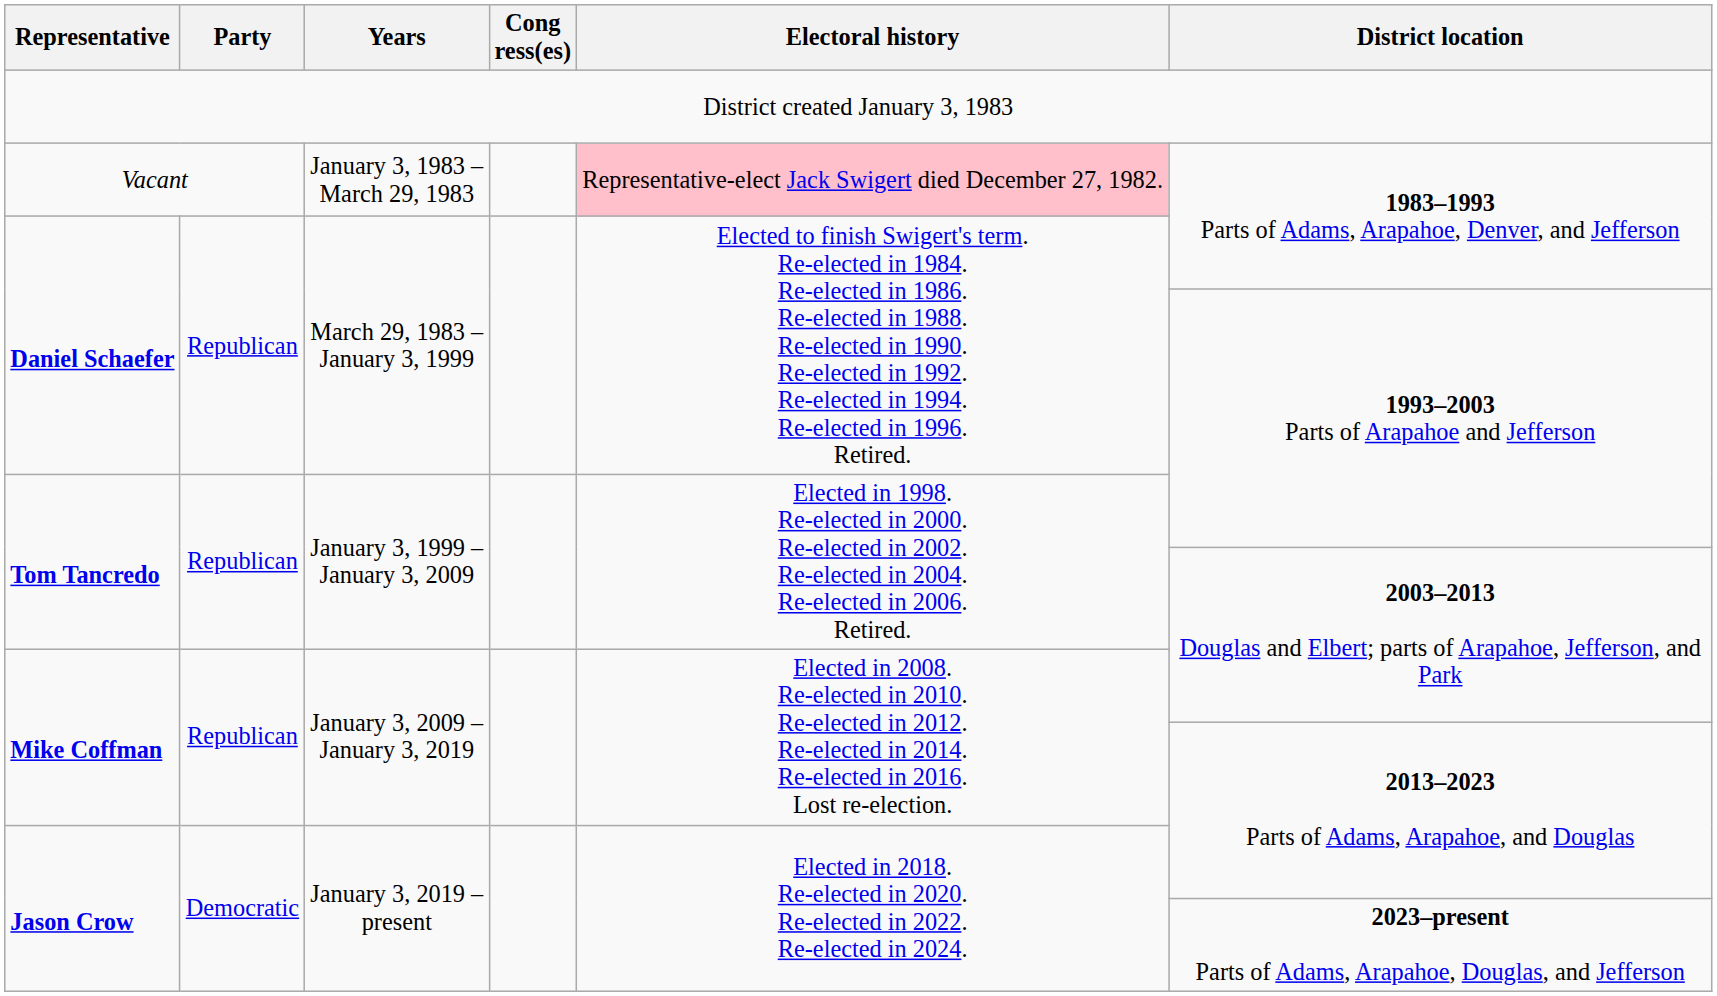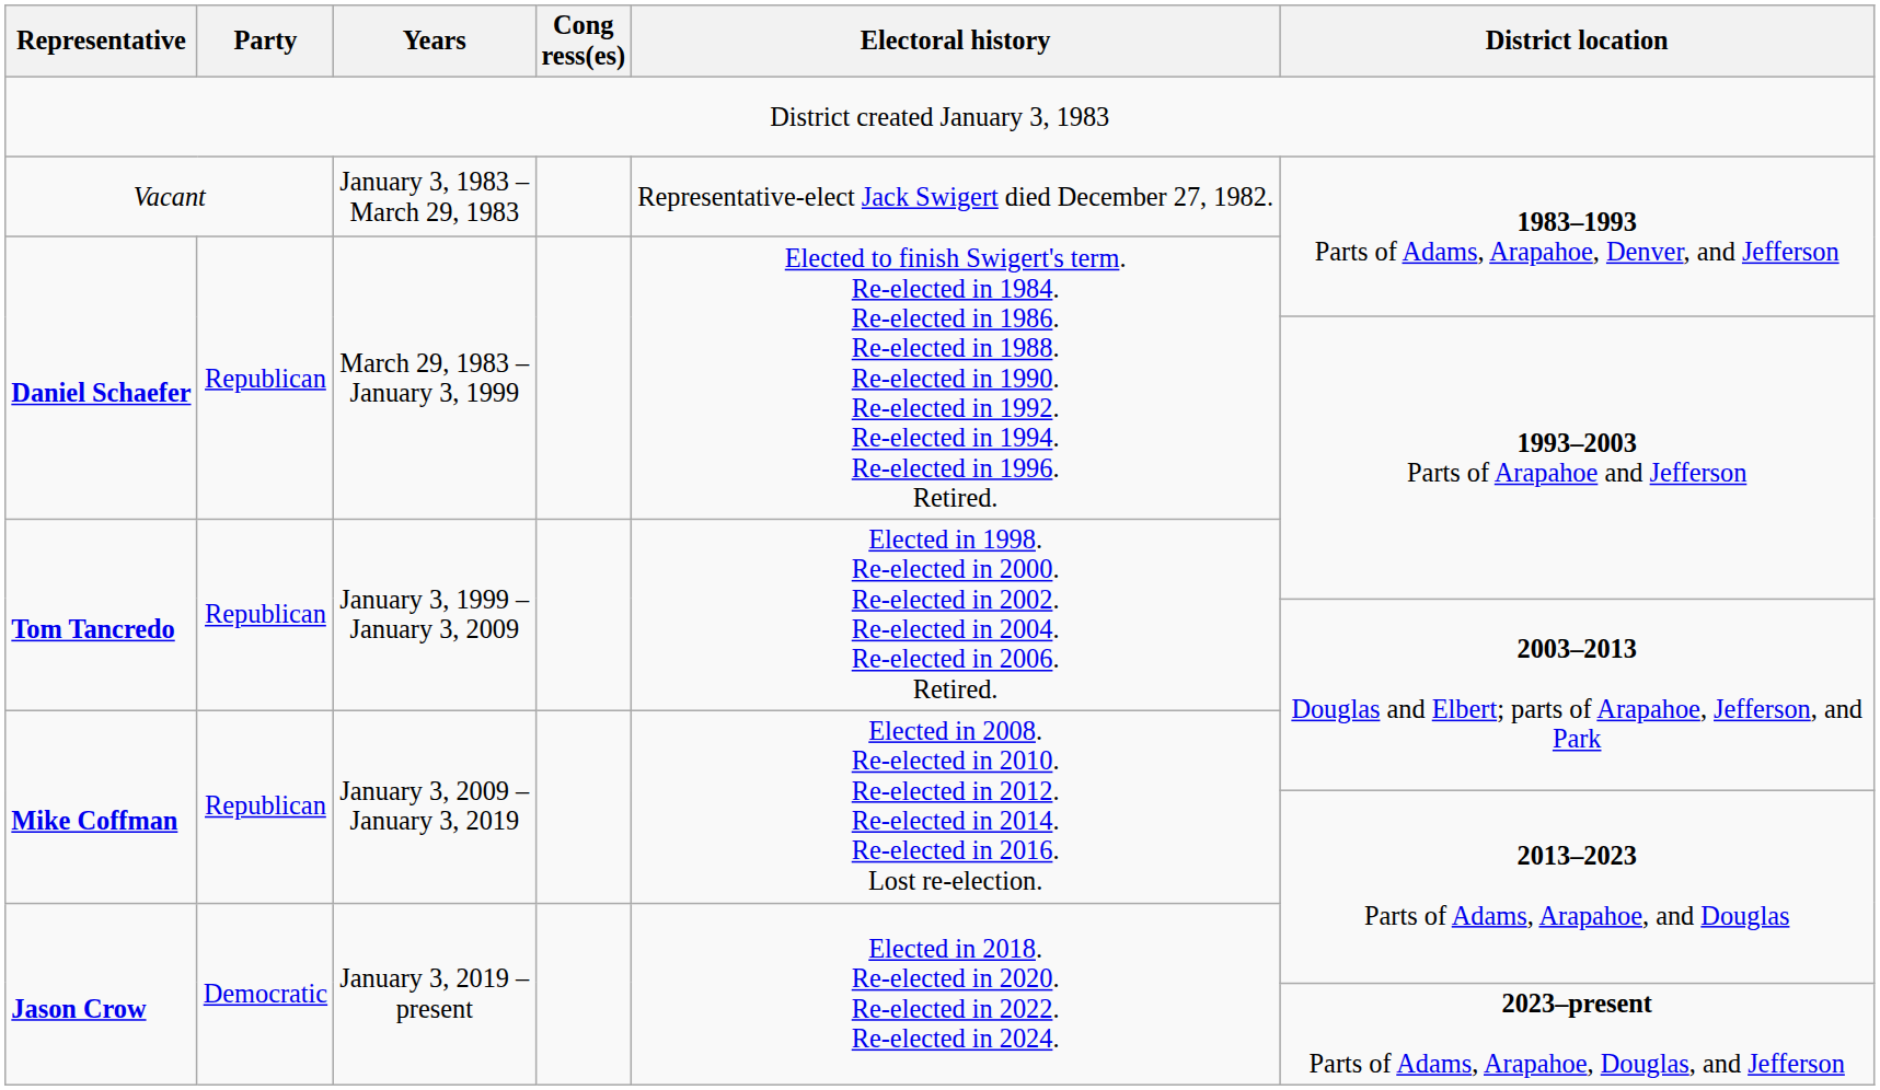 <table class=wikitable style="text-align:center">
 <tr>
 <th>Representative<br></th>
 <th>Party</th>
 <th>Years</th>
 <th>Cong<br>ress(es)</th>
 <th>Electoral history</th>
 <th width=350>District location</th>
 </tr>
 <tr style="height:3em">
 <td colspan=6>District created January 3, 1983</td>
 </tr>
 <tr style="height:3em">
 <td colspan=2><em>Vacant</em></td>
 <td nowrap="nowrap">January 3, 1983 –<br>March 29, 1983</td>
 <td></td>
-<td style="background: pink;">Representative-elect <a href='#'>Jack Swigert</a> died December 27, 1982.</td>
+<td>Representative-elect <a href='#'>Jack Swigert</a> died December 27, 1982.</td>
 <td rowspan=2><strong>1983–1993</strong><br>Parts of <a href='#'>Adams</a>, <a href='#'>Arapahoe</a>, <a href='#'>Denver</a>, and <a href='#'>Jefferson</a></td>
 </tr>
 <tr style="height:3em">
 <td rowspan=2 align=left><br><strong><a href='#'>Daniel Schaefer</a></strong><br></td>
 <td rowspan=2 ><a href='#'>Republican</a></td>
 <td rowspan=2 nowrap>March 29, 1983 –<br>January 3, 1999</td>
 <td rowspan=2></td>
 <td rowspan=2><a href='#'>Elected to finish Swigert's term</a>.<br><a href='#'>Re-elected in 1984</a>.<br><a href='#'>Re-elected in 1986</a>.<br><a href='#'>Re-elected in 1988</a>.<br><a href='#'>Re-elected in 1990</a>.<br><a href='#'>Re-elected in 1992</a>.<br><a href='#'>Re-elected in 1994</a>.<br><a href='#'>Re-elected in 1996</a>.<br>Retired.</td>
 </tr>
 <tr style="height:3em">
 <td rowspan=2><strong>1993–2003</strong><br>Parts of <a href='#'>Arapahoe</a> and <a href='#'>Jefferson</a></td>
 </tr>
 <tr style="height:3em">
 <td rowspan=2 align=left><br><strong><a href='#'>Tom Tancredo</a></strong><br></td>
 <td rowspan=2 ><a href='#'>Republican</a></td>
 <td rowspan=2 nowrap>January 3, 1999 –<br>January 3, 2009</td>
 <td rowspan=2></td>
 <td rowspan=2><a href='#'>Elected in 1998</a>.<br><a href='#'>Re-elected in 2000</a>.<br><a href='#'>Re-elected in 2002</a>.<br><a href='#'>Re-elected in 2004</a>.<br><a href='#'>Re-elected in 2006</a>.<br>Retired.</td>
 </tr>
 <tr style="height:3em">
 <td rowspan=2><strong>2003–2013</strong><br><br><a href='#'>Douglas</a> and <a href='#'>Elbert</a>; parts of <a href='#'>Arapahoe</a>, <a href='#'>Jefferson</a>, and <a href='#'>Park</a></td>
 </tr>
 <tr style="height:3em">
 <td rowspan=2 align=left><br><strong><a href='#'>Mike Coffman</a></strong><br></td>
 <td rowspan=2 ><a href='#'>Republican</a></td>
 <td rowspan=2 nowrap>January 3, 2009 –<br>January 3, 2019</td>
 <td rowspan=2></td>
 <td rowspan=2><a href='#'>Elected in 2008</a>.<br><a href='#'>Re-elected in 2010</a>.<br><a href='#'>Re-elected in 2012</a>.<br><a href='#'>Re-elected in 2014</a>.<br><a href='#'>Re-elected in 2016</a>.<br>Lost re-election.</td>
 </tr>
 <tr style="height:3em">
 <td rowspan=2><strong>2013–2023</strong><br><br>Parts of <a href='#'>Adams</a>, <a href='#'>Arapahoe</a>, and <a href='#'>Douglas</a></td>
 </tr>
 <tr style="height:3em">
 <td rowspan=2 align=left><br><strong><a href='#'>Jason Crow</a></strong><br></td>
 <td rowspan=2 ><a href='#'>Democratic</a></td>
 <td rowspan=2 nowrap>January 3, 2019 –<br>present</td>
 <td rowspan=2></td>
 <td rowspan=2><a href='#'>Elected in 2018</a>.<br><a href='#'>Re-elected in 2020</a>.<br><a href='#'>Re-elected in 2022</a>.<br><a href='#'>Re-elected in 2024</a>.</td>
 </tr>
 <tr style="height:3em">
 <td><strong>2023–present</strong><br><br>Parts of <a href='#'>Adams</a>, <a href='#'>Arapahoe</a>, <a href='#'>Douglas</a>, and <a href='#'>Jefferson</a></td>
 </tr>
 </table>
